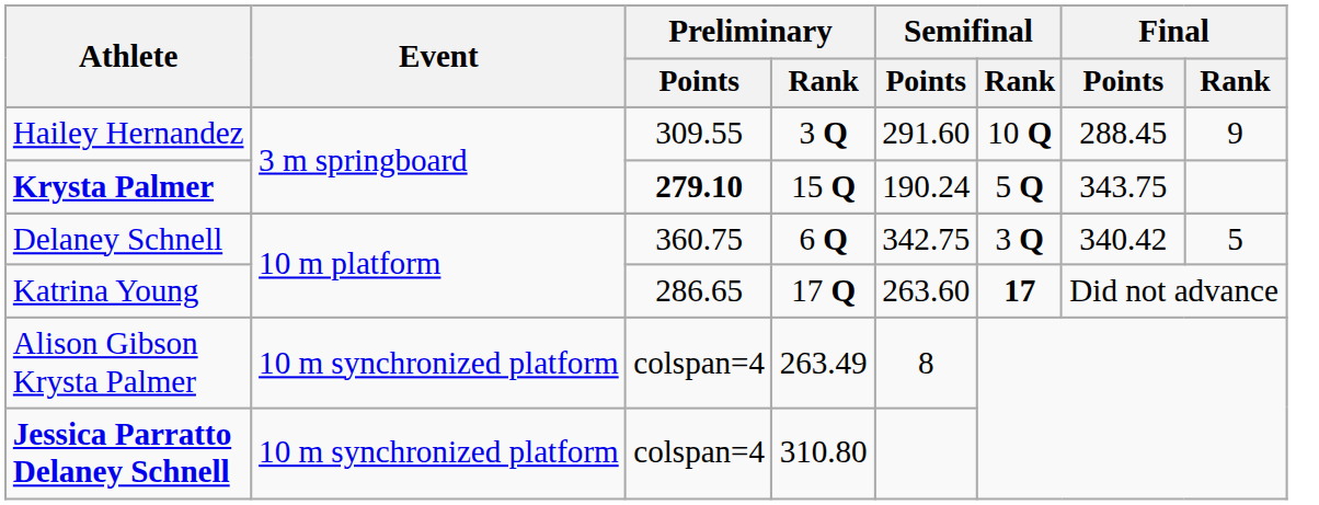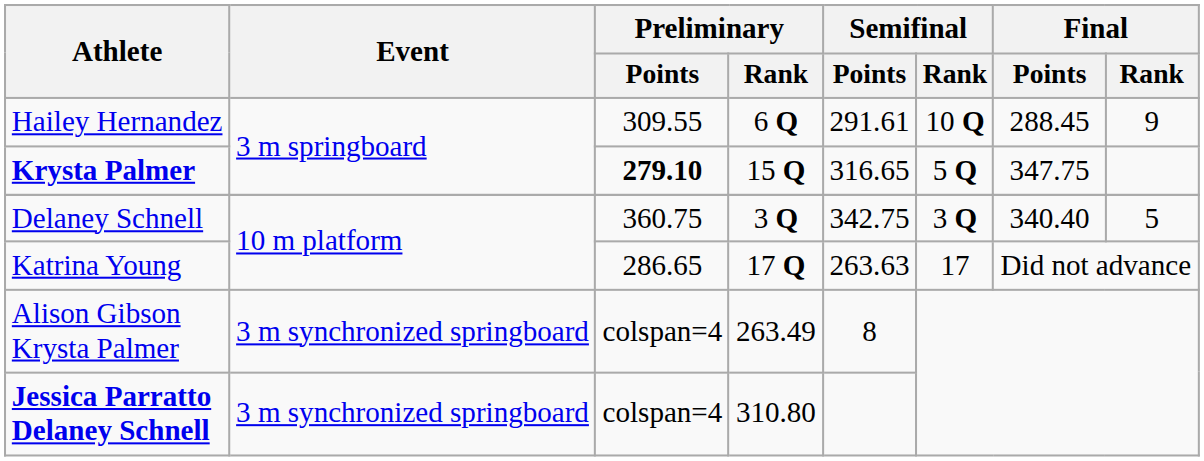 <table class=wikitable style=font-size:90%;text-align:center>
 <tr>
 <th rowspan=2>Athlete</th>
 <th rowspan=2>Event</th>
 <th colspan=2>Preliminary</th>
 <th colspan=2>Semifinal</th>
 <th colspan=2>Final</th>
 </tr>
 <tr style=font-size:95%>
 <th>Points</th>
 <th>Rank</th>
 <th>Points</th>
 <th>Rank</th>
 <th>Points</th>
 <th>Rank</th>
 </tr>
 <tr>
 <td align=left><a href='#'>Hailey Hernandez</a></td>
 <td align=left rowspan=2><a href='#'>3 m springboard</a></td>
 <td>309.55</td>
-<td>3 <strong>Q</strong></td>
-<td>291.60</td>
+<td>6 <strong>Q</strong></td>
+<td>291.61</td>
 <td>10 <strong>Q</strong></td>
 <td>288.45</td>
 <td>9</td>
 </tr>
 <tr>
 <td align=left><strong><a href='#'>Krysta Palmer</a></strong></td>
 <td><strong>279.10</strong></td>
 <td>15 <strong>Q</strong></td>
-<td>190.24</td>
+<td>316.65</td>
 <td>5 <strong>Q</strong></td>
-<td>343.75</td>
+<td>347.75</td>
 <td></td>
 </tr>
 <tr>
 </tr>
 <tr>
 <td align=left><a href='#'>Delaney Schnell</a></td>
 <td align=left rowspan=2><a href='#'>10 m platform</a></td>
 <td>360.75</td>
-<td>6 <strong>Q</strong></td>
+<td>3 <strong>Q</strong></td>
 <td>342.75</td>
 <td>3 <strong>Q</strong></td>
-<td>340.42</td>
+<td>340.40</td>
 <td>5</td>
 </tr>
 <tr>
 <td align=left><a href='#'>Katrina Young</a></td>
 <td>286.65</td>
 <td>17 <strong>Q</strong></td>
-<td>263.60</td>
-<td><strong>17</strong></td>
+<td>263.63</td>
+<td>17</td>
 <td colspan=2>Did not advance</td>
 </tr>
 <tr>
 <td align=left><a href='#'>Alison Gibson</a><br><a href='#'>Krysta Palmer</a></td>
-<td align=left><a href='#'>10 m synchronized platform</a></td>
+<td align=left><a href='#'>3 m synchronized springboard</a></td>
 <td>colspan=4 </td>
 <td>263.49</td>
 <td>8</td>
 </tr>
 <tr>
 <td align=left><strong><a href='#'>Jessica Parratto</a><br><a href='#'>Delaney Schnell</a></strong></td>
-<td align=left><a href='#'>10 m synchronized platform</a></td>
+<td align=left><a href='#'>3 m synchronized springboard</a></td>
 <td>colspan=4 </td>
 <td>310.80</td>
 <td></td>
 </tr>
 </table>
